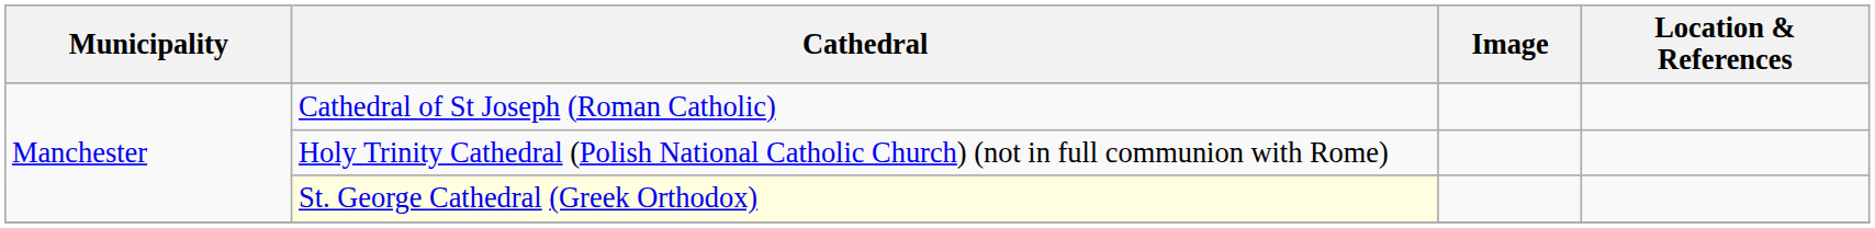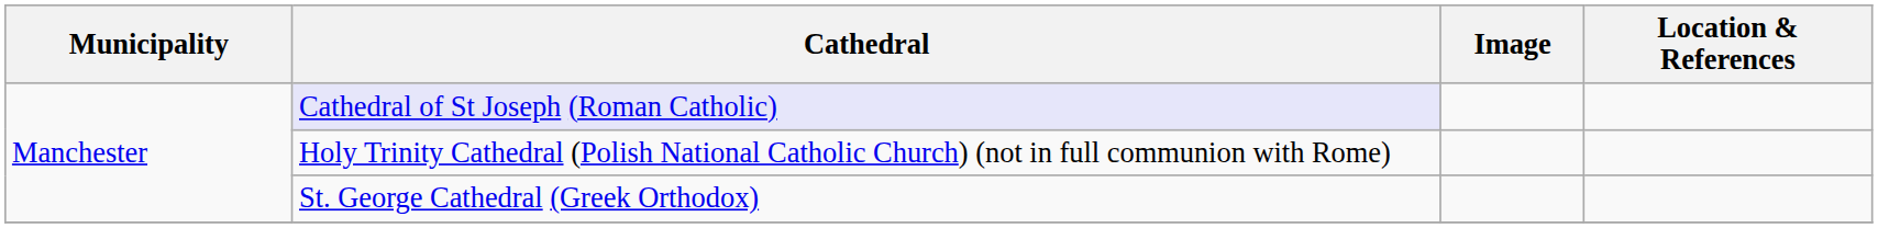 <table width=65% class="wikitable">
 <tr>
 <th width = 10%>Municipality</th>
 <th width = 40%>Cathedral</th>
 <th width = 5%>Image</th>
 <th width = 10%>Location & References</th>
 </tr>
 <tr>
 <td rowspan=3><a href='#'>Manchester</a></td>
-<td><a href='#'>Cathedral of St Joseph</a> <a href='#'>(Roman Catholic)</a></td>
+<td style="background: lavender;"><a href='#'>Cathedral of St Joseph</a> <a href='#'>(Roman Catholic)</a></td>
 <td></td>
 <td><small></small><br></td>
 </tr>
 <tr>
 <td><a href='#'>Holy Trinity Cathedral</a> (<a href='#'>Polish National Catholic Church</a>) (not in full communion with Rome)</td>
 <td></td>
 <td><small></small><br></td>
 </tr>
 <tr>
-<td style="background: lightyellow;"><a href='#'>St. George Cathedral</a> <a href='#'>(Greek Orthodox)</a></td>
+<td><a href='#'>St. George Cathedral</a> <a href='#'>(Greek Orthodox)</a></td>
 <td></td>
 <td><small></small><br></td>
 </tr>
 <tr>
 </tr>
 </table>
